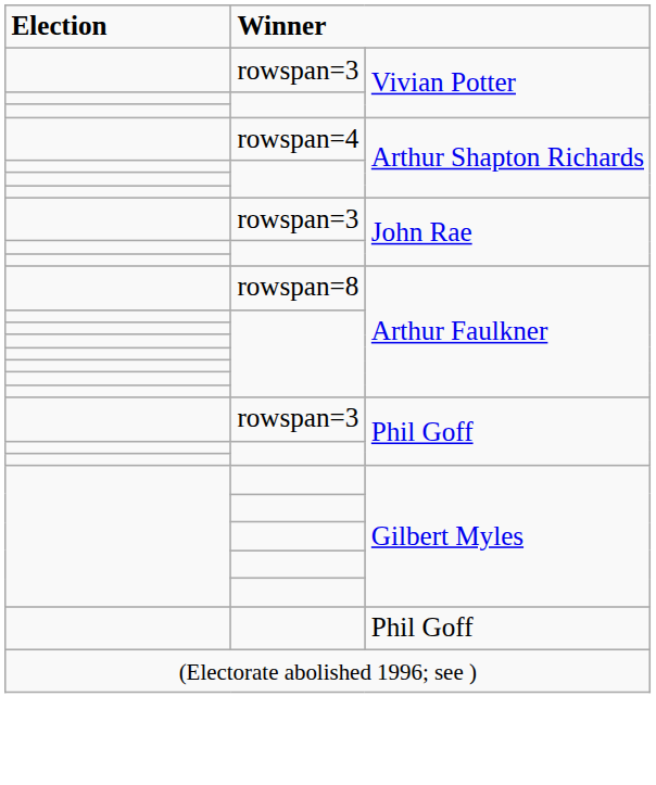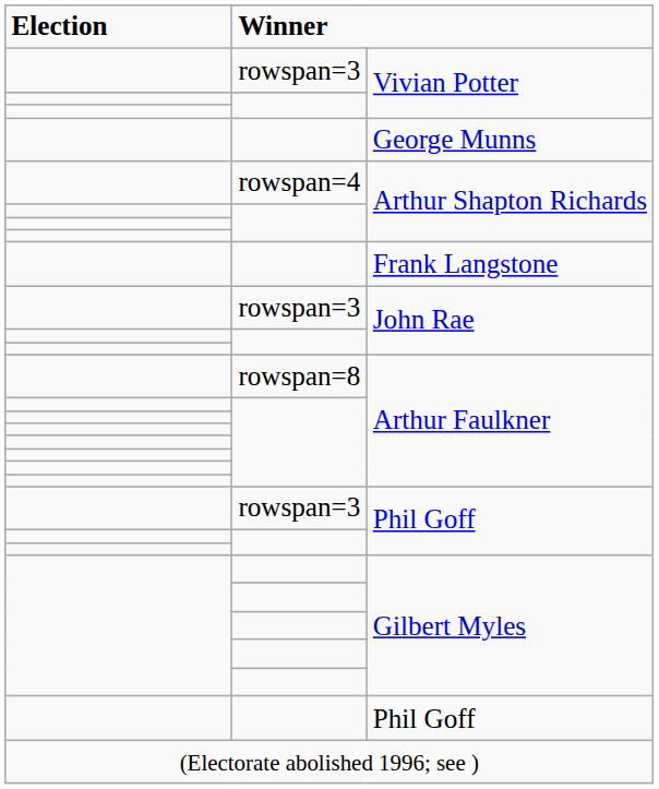 <table class="wikitable">
 <tr>
 <td width=125><strong>Election</strong></td>
 <td width=175 colspan=2><strong>Winner</strong></td>
 </tr>
 <tr>
 <td></td>
 <td>rowspan=3 </td>
 <td rowspan=3><a href='#'>Vivian Potter</a></td>
 </tr>
 <tr>
 <td></td>
 </tr>
 <tr>
 <td></td>
 </tr>
 <tr>
 <td></td>
+<td></td>
+<td><a href='#'>George Munns</a></td>
+</tr>
+<tr>
+<td></td>
 <td>rowspan=4 </td>
 <td rowspan=4><a href='#'>Arthur Shapton Richards</a></td>
 </tr>
 <tr>
 <td></td>
 </tr>
 <tr>
 <td></td>
 </tr>
 <tr>
 <td></td>
+</tr>
+<tr>
+<td></td>
+<td></td>
+<td><a href='#'>Frank Langstone</a></td>
 </tr>
 <tr>
 <td></td>
 <td>rowspan=3 </td>
 <td rowspan=3><a href='#'>John Rae</a></td>
 </tr>
 <tr>
 <td></td>
 </tr>
 <tr>
 <td></td>
 </tr>
 <tr>
 <td></td>
 <td>rowspan=8 </td>
 <td rowspan=8><a href='#'>Arthur Faulkner</a></td>
 </tr>
 <tr>
 <td></td>
 </tr>
 <tr>
 <td></td>
 </tr>
 <tr>
 <td></td>
 </tr>
 <tr>
 <td></td>
 </tr>
 <tr>
 <td></td>
 </tr>
 <tr>
 <td></td>
 </tr>
 <tr>
 <td></td>
 </tr>
 <tr>
 <td></td>
 <td>rowspan=3 </td>
 <td rowspan=3><a href='#'>Phil Goff</a></td>
 </tr>
 <tr>
 <td></td>
 </tr>
 <tr>
 <td></td>
 </tr>
 <tr>
 <td rowspan=5 height=75></td>
 <td></td>
 <td rowspan=5><a href='#'>Gilbert Myles</a></td>
 </tr>
 <tr>
 <td></td>
 </tr>
 <tr>
 <td></td>
 </tr>
 <tr>
 <td></td>
 </tr>
 <tr>
 <td></td>
 </tr>
 <tr>
 <td></td>
 <td></td>
 <td>Phil Goff</td>
 </tr>
 <tr>
 <td colspan=3 align=center><small>(Electorate abolished 1996; see )</small></td>
 </tr>
 </table>
